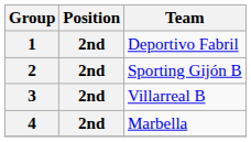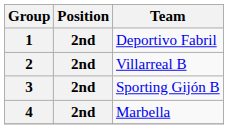 <table class="wikitable">
 <tr>
 <th>Group</th>
 <th>Position</th>
 <th>Team</th>
 </tr>
 <tr>
 <th>1</th>
 <th>2nd</th>
 <td><a href='#'>Deportivo Fabril</a></td>
 </tr>
 <tr>
 <th>2</th>
 <th>2nd</th>
-<td><a href='#'>Sporting Gijón B</a></td>
+<td><a href='#'>Villarreal B</a></td>
 </tr>
 <tr>
 <th>3</th>
 <th>2nd</th>
-<td><a href='#'>Villarreal B</a></td>
+<td><a href='#'>Sporting Gijón B</a></td>
 </tr>
 <tr>
 <th>4</th>
 <th>2nd</th>
 <td><a href='#'>Marbella</a></td>
 </tr>
 <tr>
 </tr>
 </table>
